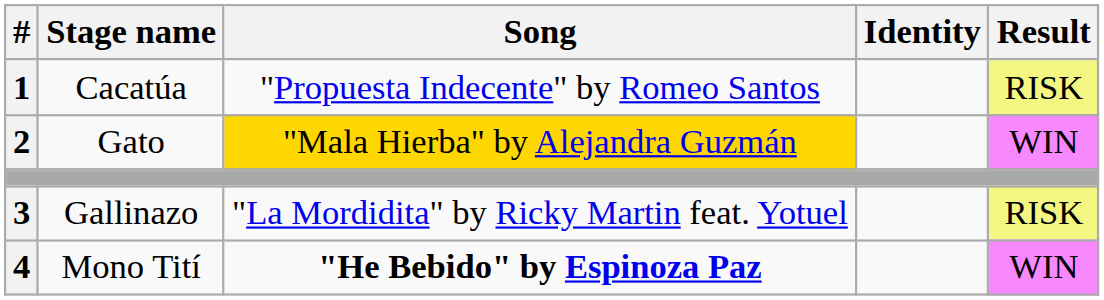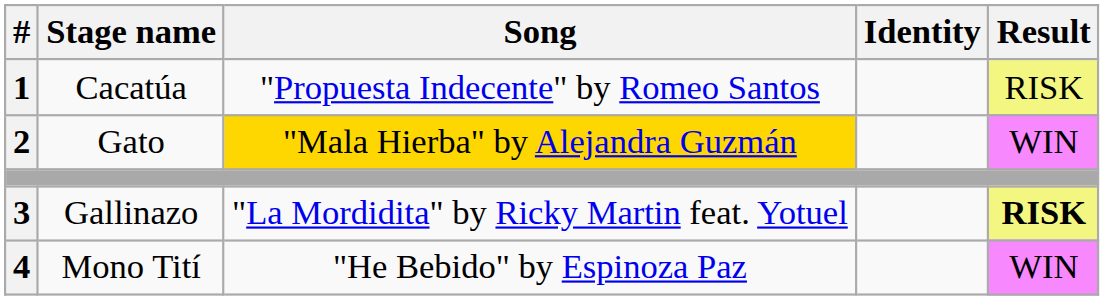 <table class="wikitable plainrowheaders" style="text-align: center">
 <tr>
 <th>#</th>
 <th>Stage name</th>
 <th>Song</th>
 <th>Identity</th>
 <th>Result</th>
 </tr>
 <tr>
 <th>1</th>
 <td>Cacatúa</td>
 <td>"<a href='#'>Propuesta Indecente</a>" by <a href='#'>Romeo Santos</a></td>
 <td></td>
 <td bgcolor=#F3F781>RISK</td>
 </tr>
 <tr>
 <th>2</th>
 <td>Gato</td>
 <td style="background: gold;">"Mala Hierba" by <a href='#'>Alejandra Guzmán</a></td>
 <td></td>
 <td bgcolor=#F888FD>WIN</td>
 </tr>
 <tr>
 <td colspan="5" style="background:darkgray"></td>
 </tr>
 <tr>
 <th>3</th>
 <td>Gallinazo</td>
 <td>"<a href='#'>La Mordidita</a>" by <a href='#'>Ricky Martin</a> feat. <a href='#'>Yotuel</a></td>
 <td></td>
-<td bgcolor=#F3F781>RISK</td>
+<td bgcolor=#F3F781><strong>RISK</strong></td>
 </tr>
 <tr>
 <th>4</th>
 <td>Mono Tití</td>
-<td><strong>"He Bebido" by <a href='#'>Espinoza Paz</a></strong></td>
+<td>"He Bebido" by <a href='#'>Espinoza Paz</a></td>
 <td></td>
 <td bgcolor=#F888FD>WIN</td>
 </tr>
 </table>
